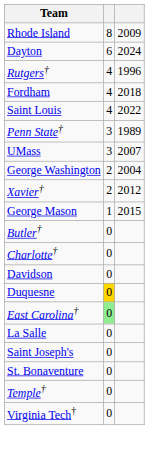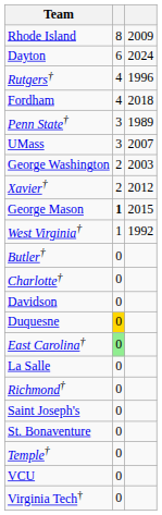 <table class="wikitable sortable" style="text-align:center;">
 <tr>
 <th width=px>Team</th>
 <th width=px></th>
 <th width=px></th>
 </tr>
 <tr>
 <td align=left><a href='#'>Rhode Island</a></td>
 <td>8</td>
 <td>2009</td>
 </tr>
 <tr>
 <td align=left><a href='#'>Dayton</a></td>
 <td>6</td>
 <td>2024</td>
 </tr>
 <tr>
 <td align=left><em><a href='#'>Rutgers</a><sup>†</sup></em></td>
 <td>4</td>
 <td>1996</td>
 </tr>
 <tr>
 <td align=left><a href='#'>Fordham</a></td>
 <td>4</td>
 <td>2018</td>
 </tr>
 <tr>
-<td align=left><a href='#'>Saint Louis</a></td>
-<td>4</td>
-<td>2022</td>
-</tr>
-<tr>
 <td align=left><em><a href='#'>Penn State</a><sup>†</sup></em></td>
 <td>3</td>
 <td>1989</td>
 </tr>
 <tr>
 <td align=left><a href='#'>UMass</a></td>
 <td>3</td>
 <td>2007</td>
 </tr>
 <tr>
 <td align=left><a href='#'>George Washington</a></td>
 <td>2</td>
-<td>2004</td>
+<td>2003</td>
 </tr>
 <tr>
 <td align=left><em><a href='#'>Xavier</a><sup>†</sup></em></td>
 <td>2</td>
 <td>2012</td>
 </tr>
 <tr>
 <td align=left><a href='#'>George Mason</a></td>
+<td><strong>1</strong></td>
+<td>2015</td>
+</tr>
+<tr>
+<td align=left><em><a href='#'>West Virginia</a><sup>†</sup></em></td>
 <td>1</td>
-<td>2015</td>
+<td>1992</td>
 </tr>
 <tr>
 <td align=left><em><a href='#'>Butler</a><sup>†</sup></em></td>
 <td>0</td>
 <td></td>
 </tr>
 <tr>
 <td align=left><em><a href='#'>Charlotte</a><sup>†</sup></em></td>
 <td>0</td>
 <td></td>
 </tr>
 <tr>
 <td align=left><a href='#'>Davidson</a></td>
 <td>0</td>
 <td></td>
 </tr>
 <tr>
 <td align=left><a href='#'>Duquesne</a></td>
 <td style="background: gold;">0</td>
 <td></td>
 </tr>
 <tr>
 <td align=left><em><a href='#'>East Carolina</a><sup>†</sup></em></td>
 <td style="background: lightgreen;">0</td>
 <td></td>
 </tr>
 <tr>
 <td align=left><a href='#'>La Salle</a></td>
 <td>0</td>
 <td></td>
 </tr>
 <tr>
+<td align=left><em><a href='#'>Richmond</a><sup>†</sup></em></td>
+<td>0</td>
+<td></td>
+</tr>
+<tr>
 <td align=left><a href='#'>Saint Joseph's</a></td>
 <td>0</td>
 <td></td>
 </tr>
 <tr>
 <td align=left><a href='#'>St. Bonaventure</a></td>
 <td>0</td>
 <td></td>
 </tr>
 <tr>
 <td align=left><em><a href='#'>Temple</a><sup>†</sup></em></td>
 <td>0</td>
 <td></td>
 </tr>
 <tr>
+<td align=left><a href='#'>VCU</a></td>
+<td>0</td>
+<td></td>
+</tr>
+<tr>
 <td align=left><a href='#'>Virginia Tech</a><sup>†</sup></td>
 <td>0</td>
 <td></td>
 </tr>
 </table>
